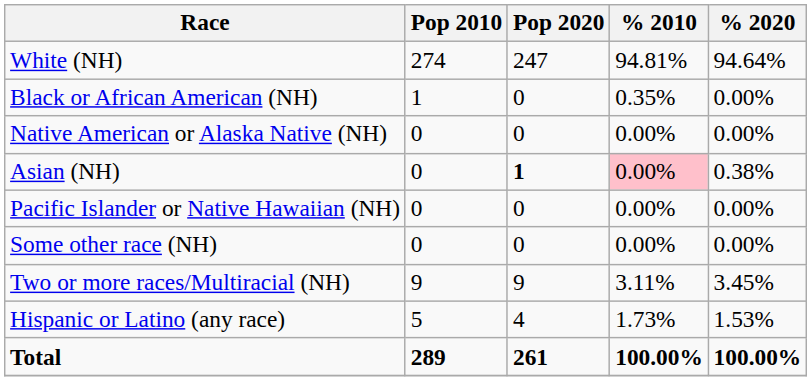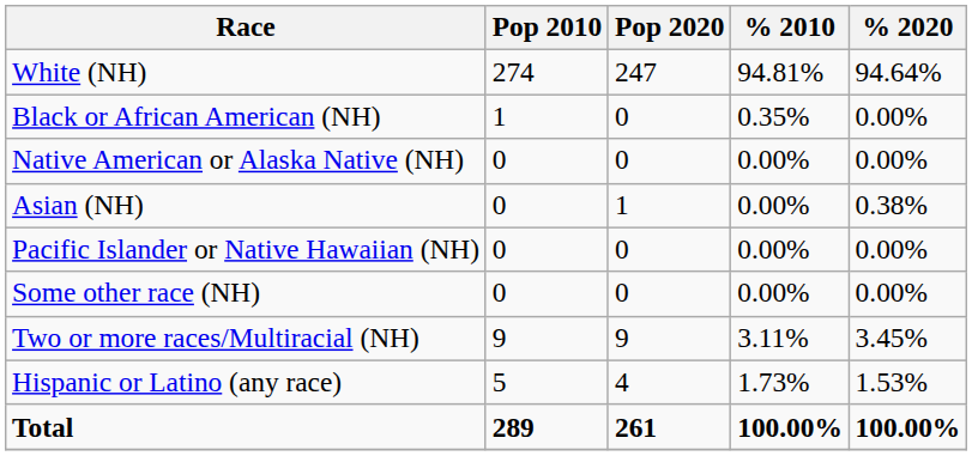 <table class="wikitable">
 <tr>
 <th>Race</th>
 <th>Pop 2010</th>
 <th>Pop 2020</th>
 <th>% 2010</th>
 <th>% 2020</th>
 </tr>
 <tr>
 <td><a href='#'>White</a> (NH)</td>
 <td>274</td>
 <td>247</td>
 <td>94.81%</td>
 <td>94.64%</td>
 </tr>
 <tr>
 <td><a href='#'>Black or African American</a> (NH)</td>
 <td>1</td>
 <td>0</td>
 <td>0.35%</td>
 <td>0.00%</td>
 </tr>
 <tr>
 <td><a href='#'>Native American</a> or <a href='#'>Alaska Native</a> (NH)</td>
 <td>0</td>
 <td>0</td>
 <td>0.00%</td>
 <td>0.00%</td>
 </tr>
 <tr>
 <td><a href='#'>Asian</a> (NH)</td>
 <td>0</td>
-<td><strong>1</strong></td>
-<td style="background: pink;">0.00%</td>
+<td>1</td>
+<td>0.00%</td>
 <td>0.38%</td>
 </tr>
 <tr>
 <td><a href='#'>Pacific Islander</a> or <a href='#'>Native Hawaiian</a> (NH)</td>
 <td>0</td>
 <td>0</td>
 <td>0.00%</td>
 <td>0.00%</td>
 </tr>
 <tr>
 <td><a href='#'>Some other race</a> (NH)</td>
 <td>0</td>
 <td>0</td>
 <td>0.00%</td>
 <td>0.00%</td>
 </tr>
 <tr>
 <td><a href='#'>Two or more races/Multiracial</a> (NH)</td>
 <td>9</td>
 <td>9</td>
 <td>3.11%</td>
 <td>3.45%</td>
 </tr>
 <tr>
 <td><a href='#'>Hispanic or Latino</a> (any race)</td>
 <td>5</td>
 <td>4</td>
 <td>1.73%</td>
 <td>1.53%</td>
 </tr>
 <tr>
 <td><strong>Total</strong></td>
 <td><strong>289</strong></td>
 <td><strong>261</strong></td>
 <td><strong>100.00%</strong></td>
 <td><strong>100.00%</strong></td>
 </tr>
 <tr>
 </tr>
 </table>
